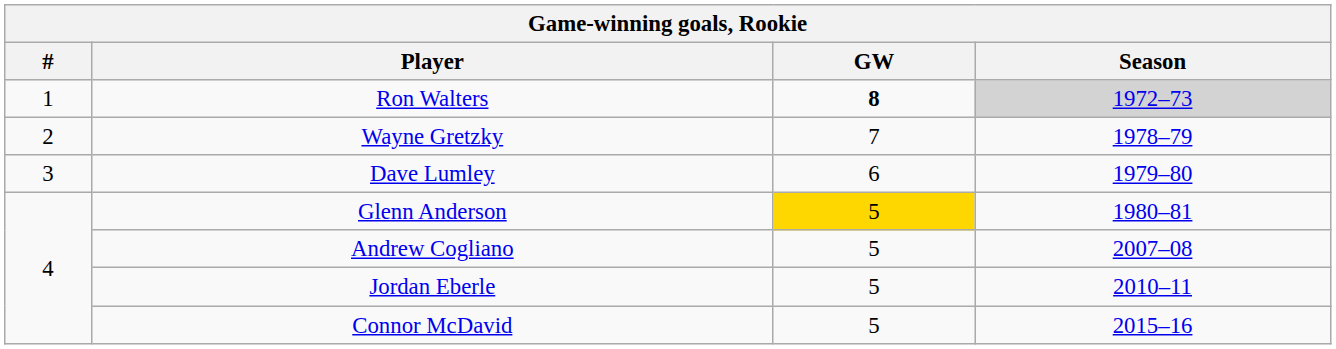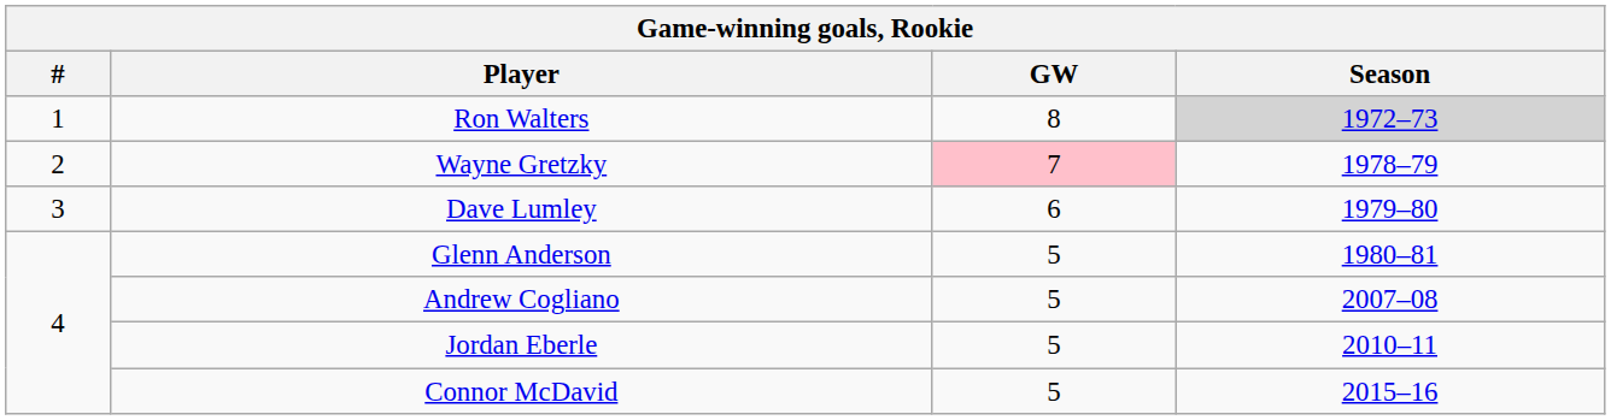 <table class="wikitable" style="text-align: center; font-size: 95%" width="70%">
 <tr>
 <th colspan="4">Game-winning goals, Rookie</th>
 </tr>
 <tr>
 <th>#</th>
 <th>Player</th>
 <th>GW</th>
 <th>Season</th>
 </tr>
 <tr>
 <td>1</td>
 <td><a href='#'>Ron Walters</a></td>
-<td><strong>8</strong></td>
+<td>8</td>
 <td style="background: lightgrey;"><a href='#'>1972–73</a></td>
 </tr>
 <tr>
 <td>2</td>
 <td><a href='#'>Wayne Gretzky</a></td>
-<td>7</td>
+<td style="background: pink;">7</td>
 <td><a href='#'>1978–79</a></td>
 </tr>
 <tr>
 <td>3</td>
 <td><a href='#'>Dave Lumley</a></td>
 <td>6</td>
 <td><a href='#'>1979–80</a></td>
 </tr>
 <tr>
 <td rowspan="4">4</td>
 <td><a href='#'>Glenn Anderson</a></td>
-<td style="background: gold;">5</td>
+<td>5</td>
 <td><a href='#'>1980–81</a></td>
 </tr>
 <tr>
 <td><a href='#'>Andrew Cogliano</a></td>
 <td>5</td>
 <td><a href='#'>2007–08</a></td>
 </tr>
 <tr>
 <td><a href='#'>Jordan Eberle</a></td>
 <td>5</td>
 <td><a href='#'>2010–11</a></td>
 </tr>
 <tr>
 <td><a href='#'>Connor McDavid</a></td>
 <td>5</td>
 <td><a href='#'>2015–16</a></td>
 </tr>
 </table>
